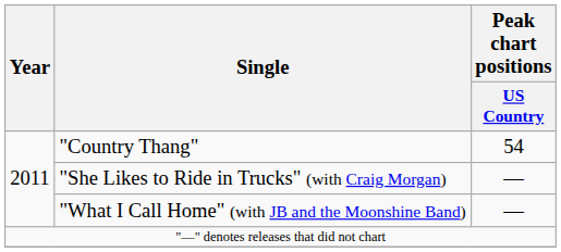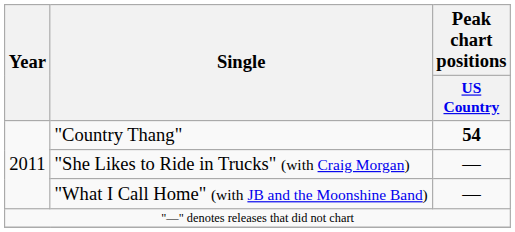 <table class="wikitable" style="text-align:center;">
 <tr>
 <th rowspan="2">Year</th>
 <th rowspan="2">Single</th>
 <th colspan="1">Peak chart positions</th>
 </tr>
 <tr style="font-size:smaller;">
 <th width="60"><a href='#'>US Country</a></th>
 </tr>
 <tr>
 <td rowspan="3">2011</td>
 <td align="left">"Country Thang"</td>
-<td>54</td>
+<td><strong>54</strong></td>
 </tr>
 <tr>
 <td align="left">"She Likes to Ride in Trucks" <small>(with <a href='#'>Craig Morgan</a>)</small></td>
 <td>—</td>
 </tr>
 <tr>
 <td align="left">"What I Call Home" <small>(with <a href='#'>JB and the Moonshine Band</a>)</small></td>
 <td>—</td>
 </tr>
 <tr>
 <td colspan="10" style="font-size:8pt">"—" denotes releases that did not chart</td>
 </tr>
 <tr>
 </tr>
 </table>
